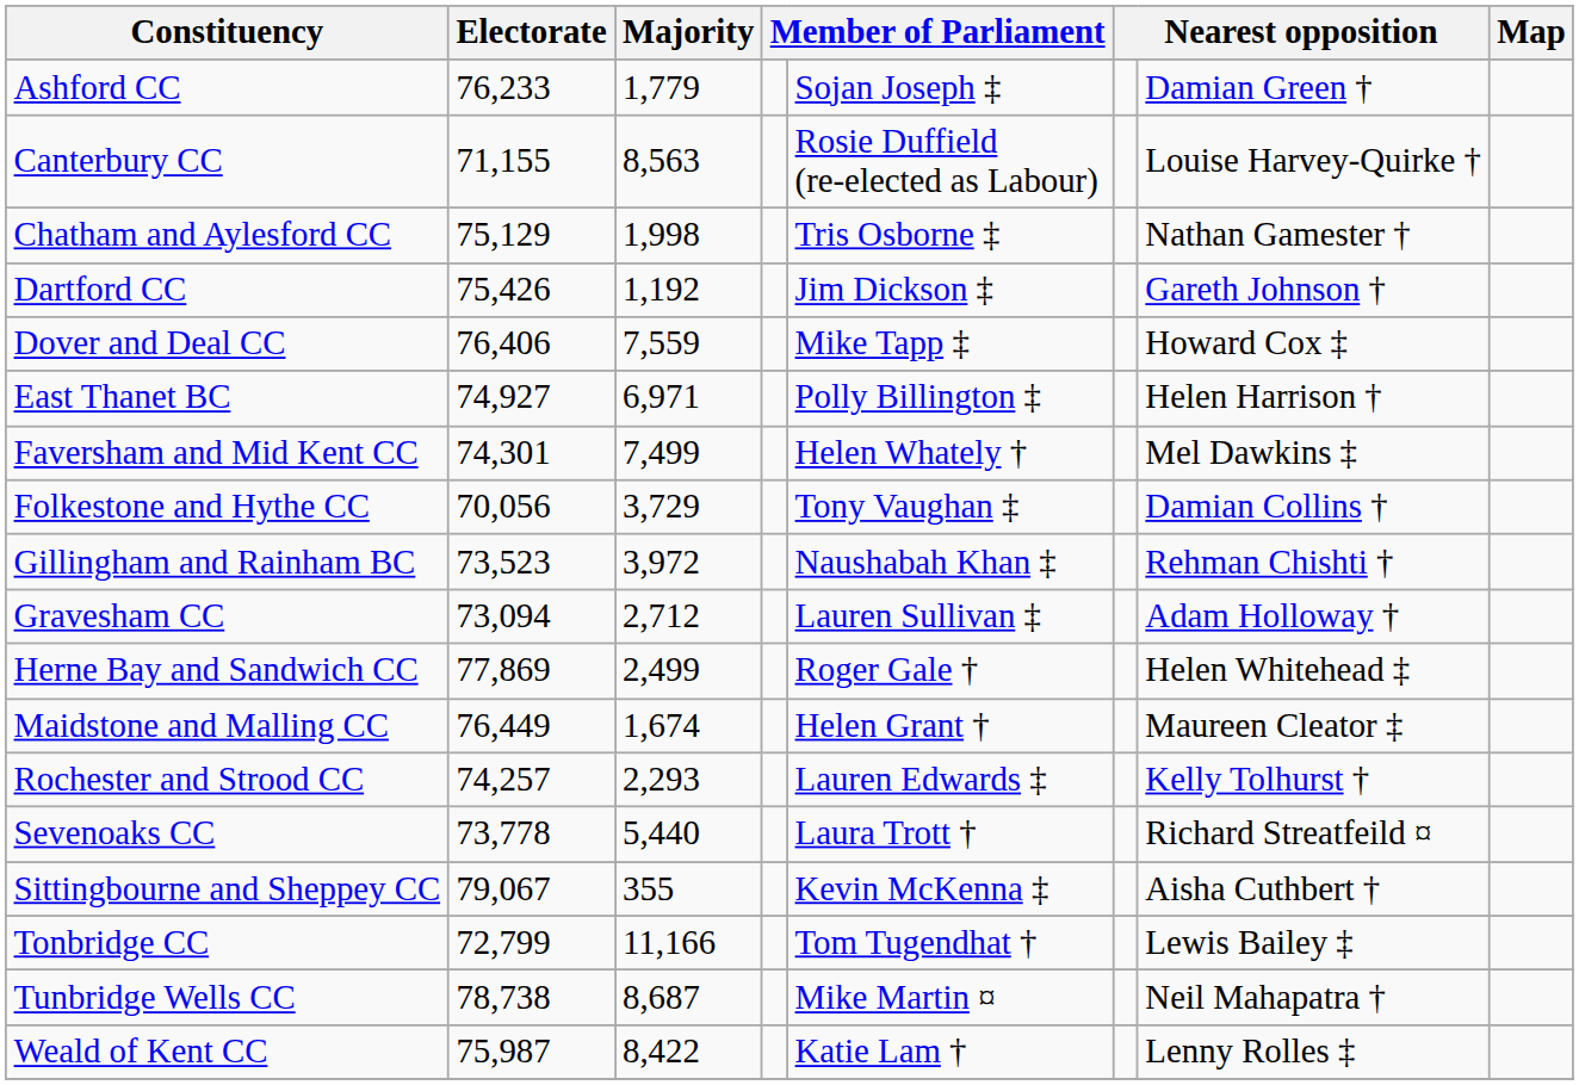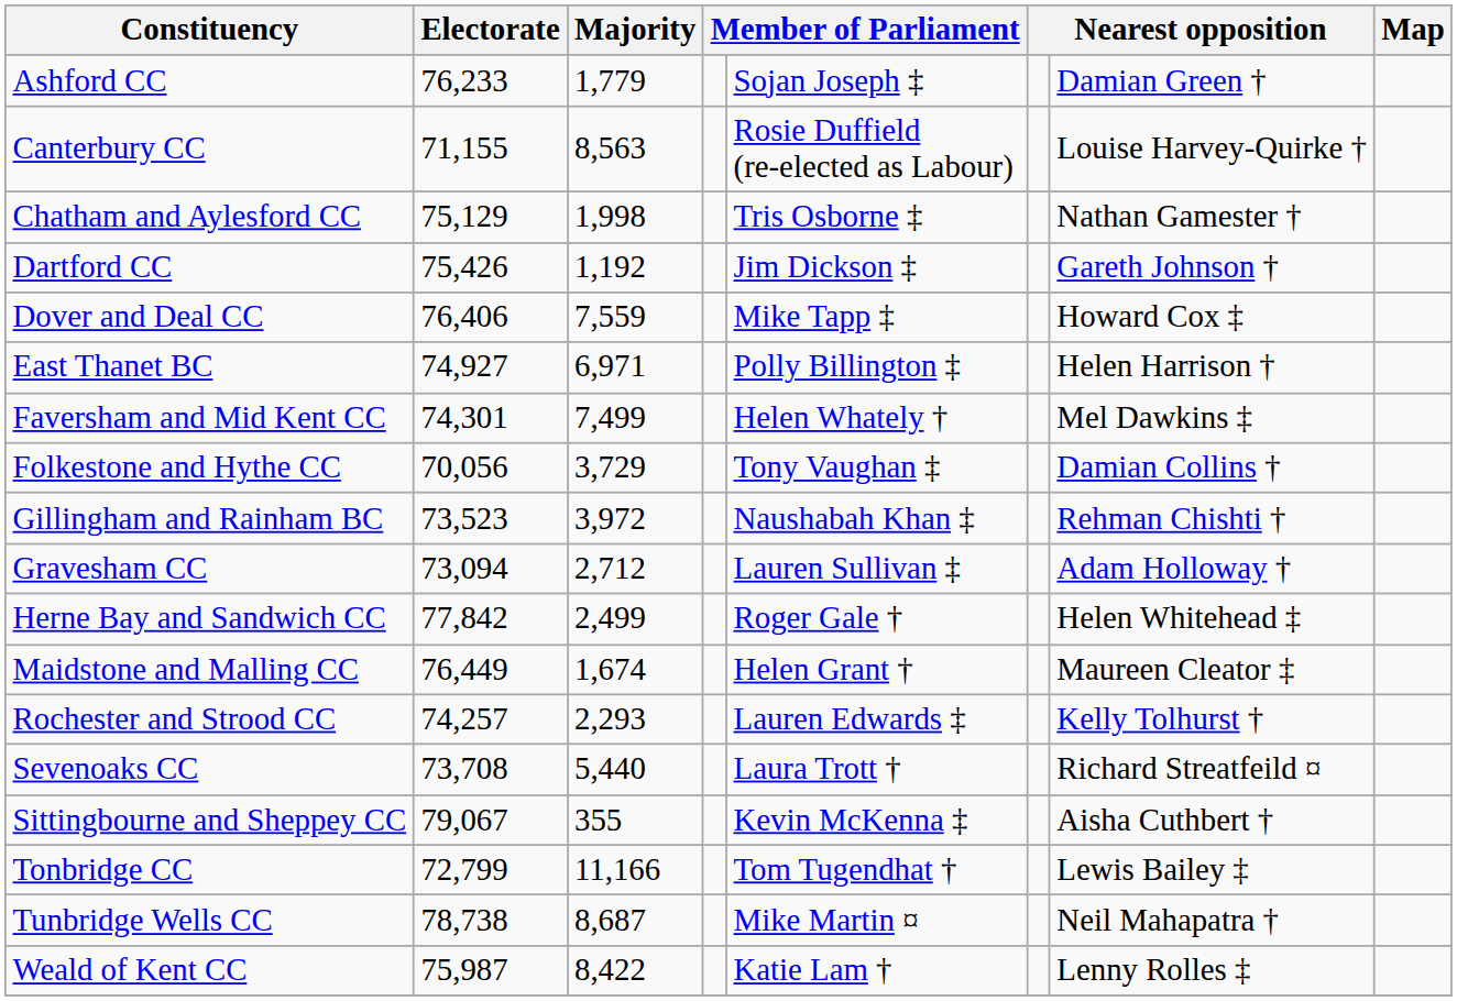 <table class="wikitable sortable">
 <tr>
 <th rowspan="1">Constituency</th>
 <th rowspan="1">Electorate</th>
 <th rowspan="1">Majority</th>
 <th class="unsortable" colspan="2"><a href='#'>Member of Parliament</a></th>
 <th class="unsortable" colspan="2">Nearest opposition</th>
 <th class="unsortable" rowspan="1">Map</th>
 </tr>
 <tr>
 <td><a href='#'>Ashford CC</a></td>
 <td>76,233</td>
 <td>1,779</td>
 <td style="color:inherit;background:"> </td>
 <td><a href='#'>Sojan Joseph</a> ‡</td>
 <td style="color:inherit;background:"> </td>
 <td><a href='#'>Damian Green</a> †</td>
 <td></td>
 </tr>
 <tr>
 <td><a href='#'>Canterbury CC</a></td>
 <td>71,155</td>
 <td>8,563</td>
 <td style="color:inherit;background:"> </td>
 <td><a href='#'>Rosie Duffield</a><br>(re-elected as Labour)</td>
 <td style="color:inherit;background:"> </td>
 <td>Louise Harvey-Quirke  †</td>
 <td></td>
 </tr>
 <tr>
 <td><a href='#'>Chatham and Aylesford CC</a></td>
 <td>75,129</td>
 <td>1,998</td>
 <td style="color:inherit;background:"> </td>
 <td><a href='#'>Tris Osborne</a> ‡</td>
 <td style="color:inherit;background:"> </td>
 <td>Nathan Gamester †</td>
 <td></td>
 </tr>
 <tr>
 <td><a href='#'>Dartford CC</a></td>
 <td>75,426</td>
 <td>1,192</td>
 <td style="color:inherit;background:"> </td>
 <td><a href='#'>Jim Dickson</a> ‡</td>
 <td style="color:inherit;background:"> </td>
 <td><a href='#'>Gareth Johnson</a> †</td>
 <td></td>
 </tr>
 <tr>
 <td><a href='#'>Dover and Deal CC</a></td>
 <td>76,406</td>
 <td>7,559</td>
 <td style="color:inherit;background:"> </td>
 <td><a href='#'>Mike Tapp</a> ‡</td>
 <td style="color:inherit;background:"> </td>
 <td>Howard Cox  ‡</td>
 <td></td>
 </tr>
 <tr>
 <td><a href='#'>East Thanet BC</a></td>
 <td>74,927</td>
 <td>6,971</td>
 <td style="color:inherit;background:"> </td>
 <td><a href='#'>Polly Billington</a> ‡</td>
 <td style="color:inherit;background:"> </td>
 <td>Helen Harrison  †</td>
 <td></td>
 </tr>
 <tr>
 <td><a href='#'>Faversham and Mid Kent CC</a></td>
 <td>74,301</td>
 <td>7,499</td>
 <td style="color:inherit;background:"> </td>
 <td><a href='#'>Helen Whately</a> †</td>
 <td style="color:inherit;background:"> </td>
 <td>Mel Dawkins ‡</td>
 <td></td>
 </tr>
 <tr>
 <td><a href='#'>Folkestone and Hythe CC</a></td>
 <td>70,056</td>
 <td>3,729</td>
 <td style="color:inherit;background:"> </td>
 <td><a href='#'>Tony Vaughan</a> ‡</td>
 <td style="color:inherit;background:"> </td>
 <td><a href='#'>Damian Collins</a> †</td>
 <td></td>
 </tr>
 <tr>
 <td><a href='#'>Gillingham and Rainham BC</a></td>
 <td>73,523</td>
 <td>3,972</td>
 <td style="color:inherit;background:"> </td>
 <td><a href='#'>Naushabah Khan</a> ‡</td>
 <td style="color:inherit;background:"> </td>
 <td><a href='#'>Rehman Chishti</a> †</td>
 <td></td>
 </tr>
 <tr>
 <td><a href='#'>Gravesham CC</a></td>
 <td>73,094</td>
 <td>2,712</td>
 <td style="color:inherit;background:"> </td>
 <td><a href='#'>Lauren Sullivan</a> ‡</td>
 <td style="color:inherit;background:"> </td>
 <td><a href='#'>Adam Holloway</a> †</td>
 <td></td>
 </tr>
 <tr>
 <td><a href='#'>Herne Bay and Sandwich CC</a></td>
-<td>77,869</td>
+<td>77,842</td>
 <td>2,499</td>
 <td style="color:inherit;background:"> </td>
 <td><a href='#'>Roger Gale</a> †</td>
 <td style="color:inherit;background:"> </td>
 <td>Helen Whitehead ‡</td>
 <td></td>
 </tr>
 <tr>
 <td><a href='#'>Maidstone and Malling CC</a></td>
 <td>76,449</td>
 <td>1,674</td>
 <td style="color:inherit;background:"> </td>
 <td><a href='#'>Helen Grant</a> †</td>
 <td style="color:inherit;background:"> </td>
 <td>Maureen Cleator ‡</td>
 <td></td>
 </tr>
 <tr>
 <td><a href='#'>Rochester and Strood CC</a></td>
 <td>74,257</td>
 <td>2,293</td>
 <td style="color:inherit;background:"> </td>
 <td><a href='#'>Lauren Edwards</a> ‡</td>
 <td style="color:inherit;background:"> </td>
 <td><a href='#'>Kelly Tolhurst</a> †</td>
 <td></td>
 </tr>
 <tr>
 <td><a href='#'>Sevenoaks CC</a></td>
-<td>73,778</td>
+<td>73,708</td>
 <td>5,440</td>
 <td style="color:inherit;background:"> </td>
 <td><a href='#'>Laura Trott</a> †</td>
 <td style="color:inherit;background:"> </td>
 <td>Richard Streatfeild ¤</td>
 <td></td>
 </tr>
 <tr>
 <td><a href='#'>Sittingbourne and Sheppey CC</a></td>
 <td>79,067</td>
 <td>355</td>
 <td style="color:inherit;background:"> </td>
 <td><a href='#'>Kevin McKenna</a> ‡</td>
 <td style="color:inherit;background:"> </td>
 <td>Aisha Cuthbert †</td>
 <td></td>
 </tr>
 <tr>
 <td><a href='#'>Tonbridge CC</a></td>
 <td>72,799</td>
 <td>11,166</td>
 <td style="color:inherit;background:"> </td>
 <td><a href='#'>Tom Tugendhat</a> †</td>
 <td style="color:inherit;background:"> </td>
 <td>Lewis Bailey ‡</td>
 <td></td>
 </tr>
 <tr>
 <td><a href='#'>Tunbridge Wells CC</a></td>
 <td>78,738</td>
 <td>8,687</td>
 <td style="color:inherit;background:"> </td>
 <td><a href='#'>Mike Martin</a> ¤</td>
 <td style="color:inherit;background:"> </td>
 <td>Neil Mahapatra †</td>
 <td></td>
 </tr>
 <tr>
 <td><a href='#'>Weald of Kent CC</a></td>
 <td>75,987</td>
 <td>8,422</td>
 <td style="color:inherit;background:"> </td>
 <td><a href='#'>Katie Lam</a> †</td>
 <td style="color:inherit;background:"> </td>
 <td>Lenny Rolles  ‡</td>
 <td></td>
 </tr>
 <tr>
 </tr>
 </table>
